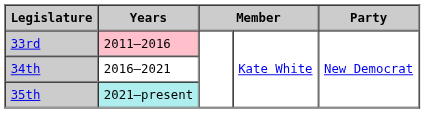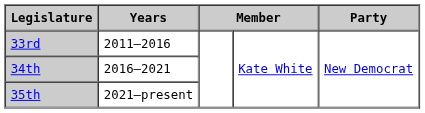 <table border=1 cellpadding=5 cellspacing=0>
 <tr bgcolor="CCCCCC">
 <th>Legislature</th>
 <th>Years</th>
 <th colspan="2">Member</th>
 <th>Party</th>
 </tr>
 <tr>
 <td bgcolor="CCCCCC"><a href='#'>33rd</a></td>
-<td style="background: pink;">2011–2016</td>
+<td>2011–2016</td>
 <td rowspan=3 >   </td>
 <td rowspan=3><a href='#'>Kate White</a></td>
 <td rowspan=3><a href='#'>New Democrat</a></td>
 </tr>
 <tr>
 <td bgcolor="CCCCCC"><a href='#'>34th</a></td>
 <td>2016–2021</td>
 </tr>
 <tr>
 <td bgcolor="CCCCCC"><a href='#'>35th</a></td>
-<td style="background: paleturquoise;">2021–present</td>
+<td>2021–present</td>
 </tr>
 </table>
